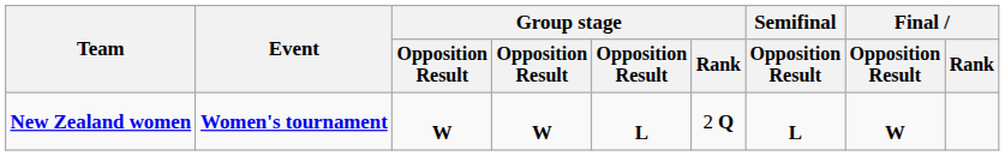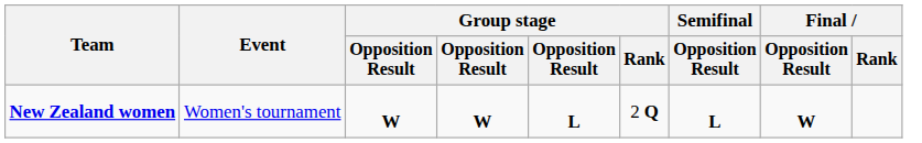 <table class=wikitable style=font-size:90%>
 <tr>
 <th rowspan=2>Team</th>
 <th rowspan=2>Event</th>
 <th colspan=4>Group stage</th>
 <th>Semifinal</th>
 <th colspan=2>Final / </th>
 </tr>
 <tr style=font-size:95%>
 <th>Opposition<br>Result</th>
 <th>Opposition<br>Result</th>
 <th>Opposition<br>Result</th>
 <th>Rank</th>
 <th>Opposition<br>Result</th>
 <th>Opposition<br>Result</th>
 <th>Rank</th>
 </tr>
 <tr align=center>
 <td align=left><strong><a href='#'>New Zealand women</a></strong></td>
-<td align=left><strong><a href='#'>Women's tournament</a></strong></td>
+<td align=left><a href='#'>Women's tournament</a></td>
 <td><br><strong>W</strong></td>
 <td><br><strong>W</strong></td>
 <td><br><strong>L</strong></td>
 <td>2 <strong>Q</strong></td>
 <td><br><strong>L</strong></td>
 <td><br><strong>W</strong></td>
 <td></td>
 </tr>
 </table>
